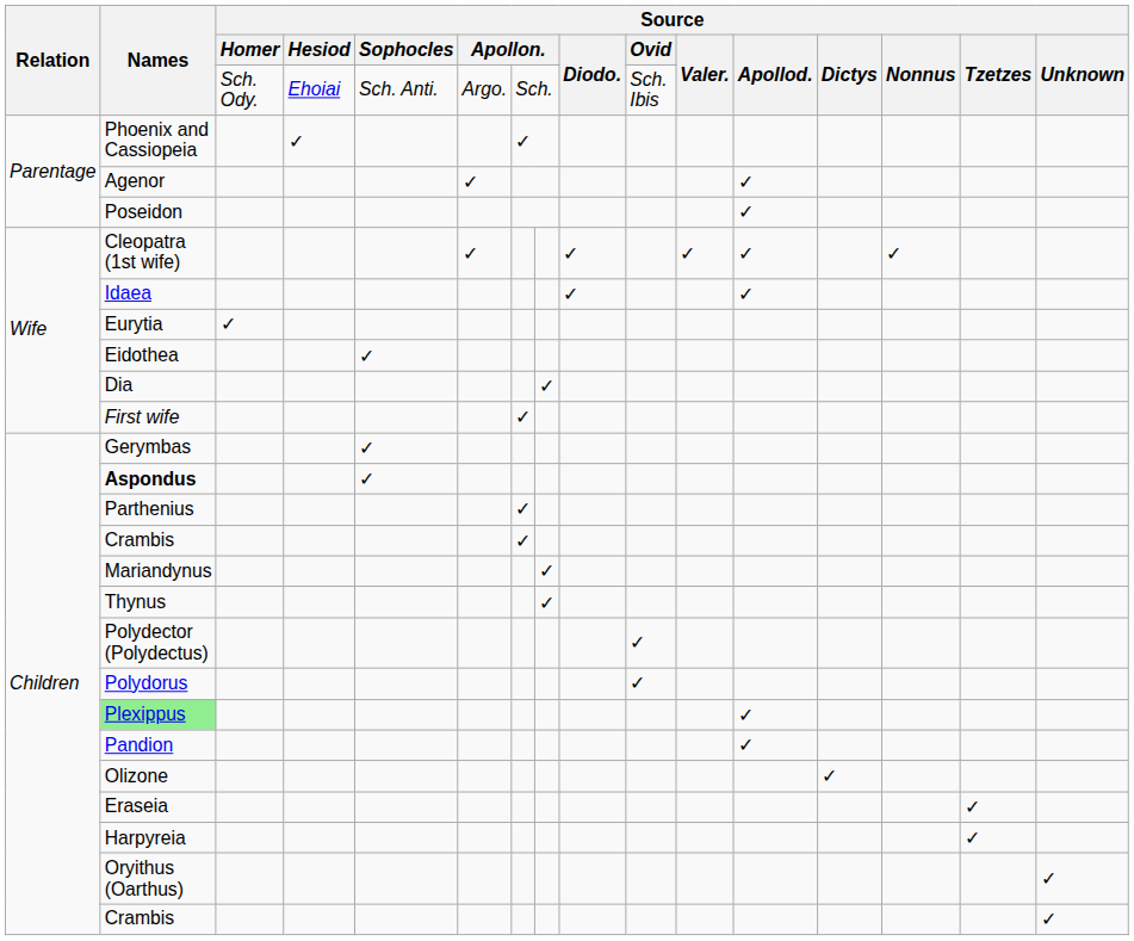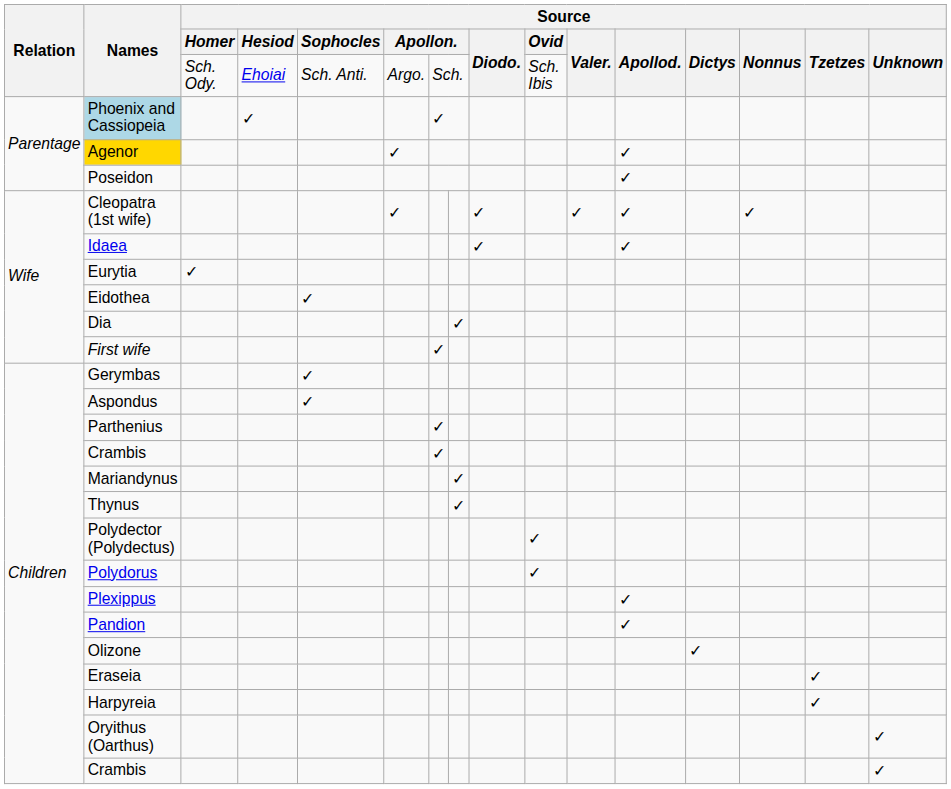 <table class="wikitable">
 <tr>
 <th rowspan="3">Relation</th>
 <th rowspan="3">Names</th>
 <th colspan="14">Source</th>
 </tr>
 <tr>
 <th><em>Homer</em></th>
 <th><em>Hesiod</em></th>
 <th><em>Sophocles</em></th>
 <th colspan="3"><em>Apollon.</em></th>
 <th rowspan="2"><em>Diodo.</em></th>
 <th><em>Ovid</em></th>
 <th rowspan="2"><em>Valer.</em></th>
 <th rowspan="2"><em>Apollod.</em></th>
 <th rowspan="2"><em>Dictys</em></th>
 <th rowspan="2"><em>Nonnus</em></th>
 <th rowspan="2"><em>Tzetzes</em></th>
 <th rowspan="2"><em>Unknown</em></th>
 </tr>
 <tr>
 <td><em>Sch. Ody.</em></td>
 <td><em><a href='#'>Ehoiai</a></em></td>
 <td><em>Sch. Anti.</em></td>
 <td><em>Argo.</em></td>
 <td colspan="2"><em>Sch.</em></td>
 <td><em>Sch. Ibis</em></td>
 </tr>
 <tr>
 <td rowspan="3"><em>Parentage</em></td>
-<td>Phoenix and Cassiopeia</td>
+<td style="background: lightblue;">Phoenix and Cassiopeia</td>
 <td></td>
 <td>✓</td>
 <td></td>
 <td></td>
 <td colspan="2">✓</td>
 <td></td>
 <td></td>
 <td></td>
 <td></td>
 <td></td>
 <td></td>
 <td></td>
 <td></td>
 </tr>
 <tr>
-<td>Agenor</td>
+<td style="background: gold;">Agenor</td>
 <td></td>
 <td></td>
 <td></td>
 <td>✓</td>
 <td colspan="2"></td>
 <td></td>
 <td></td>
 <td></td>
 <td>✓</td>
 <td></td>
 <td></td>
 <td></td>
 <td></td>
 </tr>
 <tr>
 <td>Poseidon</td>
 <td></td>
 <td></td>
 <td></td>
 <td></td>
 <td colspan="2"></td>
 <td></td>
 <td></td>
 <td></td>
 <td>✓</td>
 <td></td>
 <td></td>
 <td></td>
 <td></td>
 </tr>
 <tr>
 <td rowspan="6"><em>Wife</em></td>
 <td>Cleopatra (1st wife)</td>
 <td></td>
 <td></td>
 <td></td>
 <td>✓</td>
 <td></td>
 <td></td>
 <td>✓</td>
 <td></td>
 <td>✓</td>
 <td>✓</td>
 <td></td>
 <td>✓</td>
 <td></td>
 <td></td>
 </tr>
 <tr>
 <td><a href='#'>Idaea</a></td>
 <td></td>
 <td></td>
 <td></td>
 <td></td>
 <td></td>
 <td></td>
 <td>✓</td>
 <td></td>
 <td></td>
 <td>✓</td>
 <td></td>
 <td></td>
 <td></td>
 <td></td>
 </tr>
 <tr>
 <td>Eurytia</td>
 <td>✓</td>
 <td></td>
 <td></td>
 <td></td>
 <td></td>
 <td></td>
 <td></td>
 <td></td>
 <td></td>
 <td></td>
 <td></td>
 <td></td>
 <td></td>
 <td></td>
 </tr>
 <tr>
 <td>Eidothea</td>
 <td></td>
 <td></td>
 <td>✓</td>
 <td></td>
 <td></td>
 <td></td>
 <td></td>
 <td></td>
 <td></td>
 <td></td>
 <td></td>
 <td></td>
 <td></td>
 <td></td>
 </tr>
 <tr>
 <td>Dia</td>
 <td></td>
 <td></td>
 <td></td>
 <td></td>
 <td></td>
 <td>✓</td>
 <td></td>
 <td></td>
 <td></td>
 <td></td>
 <td></td>
 <td></td>
 <td></td>
 <td></td>
 </tr>
 <tr>
 <td><em>First wife</em></td>
 <td></td>
 <td></td>
 <td></td>
 <td></td>
 <td>✓</td>
 <td></td>
 <td></td>
 <td></td>
 <td></td>
 <td></td>
 <td></td>
 <td></td>
 <td></td>
 <td></td>
 </tr>
 <tr>
 <td rowspan="15"><em>Children</em></td>
 <td>Gerymbas</td>
 <td></td>
 <td></td>
 <td>✓</td>
 <td></td>
 <td></td>
 <td></td>
 <td></td>
 <td></td>
 <td></td>
 <td></td>
 <td></td>
 <td></td>
 <td></td>
 <td></td>
 </tr>
 <tr>
-<td><strong>Aspondus</strong></td>
+<td>Aspondus</td>
 <td></td>
 <td></td>
 <td>✓</td>
 <td></td>
 <td></td>
 <td></td>
 <td></td>
 <td></td>
 <td></td>
 <td></td>
 <td></td>
 <td></td>
 <td></td>
 <td></td>
 </tr>
 <tr>
 <td>Parthenius</td>
 <td></td>
 <td></td>
 <td></td>
 <td></td>
 <td>✓</td>
 <td></td>
 <td></td>
 <td></td>
 <td></td>
 <td></td>
 <td></td>
 <td></td>
 <td></td>
 <td></td>
 </tr>
 <tr>
 <td>Crambis</td>
 <td></td>
 <td></td>
 <td></td>
 <td></td>
 <td>✓</td>
 <td></td>
 <td></td>
 <td></td>
 <td></td>
 <td></td>
 <td></td>
 <td></td>
 <td></td>
 <td></td>
 </tr>
 <tr>
 <td>Mariandynus</td>
 <td></td>
 <td></td>
 <td></td>
 <td></td>
 <td></td>
 <td>✓</td>
 <td></td>
 <td></td>
 <td></td>
 <td></td>
 <td></td>
 <td></td>
 <td></td>
 <td></td>
 </tr>
 <tr>
 <td>Thynus</td>
 <td></td>
 <td></td>
 <td></td>
 <td></td>
 <td></td>
 <td>✓</td>
 <td></td>
 <td></td>
 <td></td>
 <td></td>
 <td></td>
 <td></td>
 <td></td>
 <td></td>
 </tr>
 <tr>
 <td>Polydector (Polydectus)</td>
 <td></td>
 <td></td>
 <td></td>
 <td></td>
 <td></td>
 <td></td>
 <td></td>
 <td>✓</td>
 <td></td>
 <td></td>
 <td></td>
 <td></td>
 <td></td>
 <td></td>
 </tr>
 <tr>
 <td><a href='#'>Polydorus</a></td>
 <td></td>
 <td></td>
 <td></td>
 <td></td>
 <td></td>
 <td></td>
 <td></td>
 <td>✓</td>
 <td></td>
 <td></td>
 <td></td>
 <td></td>
 <td></td>
 <td></td>
 </tr>
 <tr>
-<td style="background: lightgreen;"><a href='#'>Plexippus</a></td>
+<td><a href='#'>Plexippus</a></td>
 <td></td>
 <td></td>
 <td></td>
 <td></td>
 <td></td>
 <td></td>
 <td></td>
 <td></td>
 <td></td>
 <td>✓</td>
 <td></td>
 <td></td>
 <td></td>
 <td></td>
 </tr>
 <tr>
 <td><a href='#'>Pandion</a></td>
 <td></td>
 <td></td>
 <td></td>
 <td></td>
 <td></td>
 <td></td>
 <td></td>
 <td></td>
 <td></td>
 <td>✓</td>
 <td></td>
 <td></td>
 <td></td>
 <td></td>
 </tr>
 <tr>
 <td>Olizone</td>
 <td></td>
 <td></td>
 <td></td>
 <td></td>
 <td></td>
 <td></td>
 <td></td>
 <td></td>
 <td></td>
 <td></td>
 <td>✓</td>
 <td></td>
 <td></td>
 <td></td>
 </tr>
 <tr>
 <td>Eraseia</td>
 <td></td>
 <td></td>
 <td></td>
 <td></td>
 <td></td>
 <td></td>
 <td></td>
 <td></td>
 <td></td>
 <td></td>
 <td></td>
 <td></td>
 <td>✓</td>
 <td></td>
 </tr>
 <tr>
 <td>Harpyreia</td>
 <td></td>
 <td></td>
 <td></td>
 <td></td>
 <td></td>
 <td></td>
 <td></td>
 <td></td>
 <td></td>
 <td></td>
 <td></td>
 <td></td>
 <td>✓</td>
 <td></td>
 </tr>
 <tr>
 <td>Oryithus (Oarthus)</td>
 <td></td>
 <td></td>
 <td></td>
 <td></td>
 <td></td>
 <td></td>
 <td></td>
 <td></td>
 <td></td>
 <td></td>
 <td></td>
 <td></td>
 <td></td>
 <td>✓</td>
 </tr>
 <tr>
 <td>Crambis</td>
 <td></td>
 <td></td>
 <td></td>
 <td></td>
 <td></td>
 <td></td>
 <td></td>
 <td></td>
 <td></td>
 <td></td>
 <td></td>
 <td></td>
 <td></td>
 <td>✓</td>
 </tr>
 </table>
